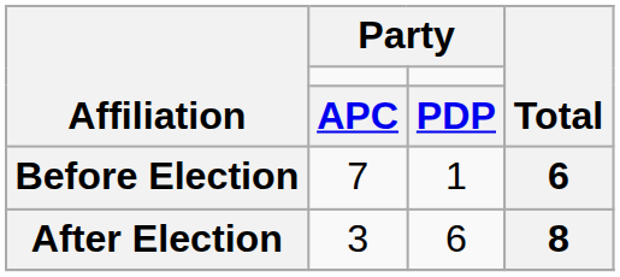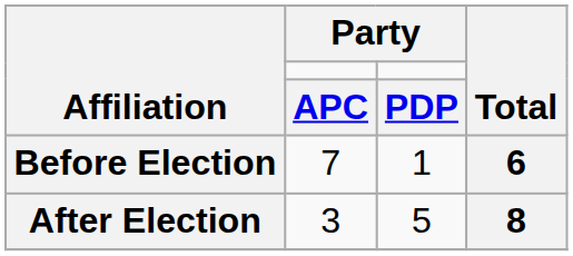 <table class=wikitable style="text-align:center">
 <tr style="vertical-align:bottom;">
 <th rowspan=3>Affiliation</th>
 <th colspan=2>Party</th>
 <th rowspan=3>Total</th>
 </tr>
 <tr>
 <td style="background-color:"></td>
 <td style="background-color:"></td>
 </tr>
 <tr>
 <th><a href='#'>APC</a></th>
 <th><a href='#'>PDP</a></th>
 </tr>
 <tr>
 <th>Before Election</th>
 <td>7</td>
 <td>1</td>
 <th>6</th>
 </tr>
 <tr>
 <th>After Election</th>
 <td>3</td>
-<td>6</td>
+<td>5</td>
 <th>8</th>
 </tr>
 <tr>
 </tr>
 </table>
